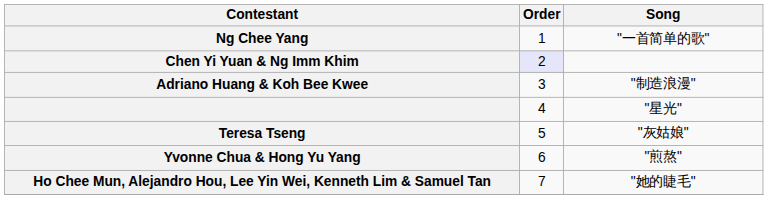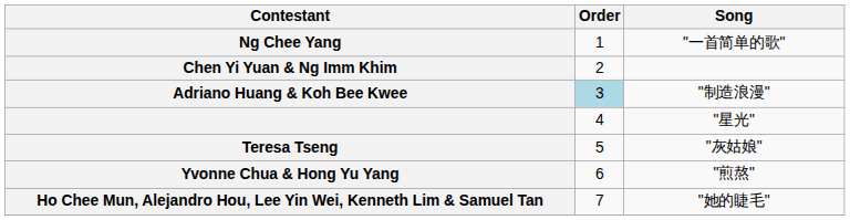 <table class="wikitable plainrowheaders" style="text-align:center;">
 <tr>
 <th scope="col" style="width:37em;">Contestant</th>
 <th scope="col">Order</th>
 <th scope="col" style="width:14em;">Song</th>
 </tr>
 <tr>
 <th scope="row">Ng Chee Yang</th>
 <td>1</td>
 <td>"一首简单的歌"</td>
 </tr>
 <tr>
 <th scope="row">Chen Yi Yuan & Ng Imm Khim</th>
-<td style="background: lavender;">2</td>
+<td>2</td>
 <td></td>
 </tr>
 <tr>
 <th scope="row">Adriano Huang & Koh Bee Kwee</th>
-<td>3</td>
+<td style="background: lightblue;">3</td>
 <td>"制造浪漫"</td>
 </tr>
 <tr>
 <th scope="row"></th>
 <td>4</td>
 <td>"星光"</td>
 </tr>
 <tr>
 <th scope="row">Teresa Tseng</th>
 <td>5</td>
 <td>"灰姑娘"</td>
 </tr>
 <tr>
 <th scope="row">Yvonne Chua & Hong Yu Yang</th>
 <td>6</td>
 <td>"煎熬"</td>
 </tr>
 <tr>
 <th scope="row">Ho Chee Mun, Alejandro Hou, Lee Yin Wei, Kenneth Lim & Samuel Tan</th>
 <td>7</td>
 <td>"她的睫毛"</td>
 </tr>
 <tr>
 </tr>
 </table>
